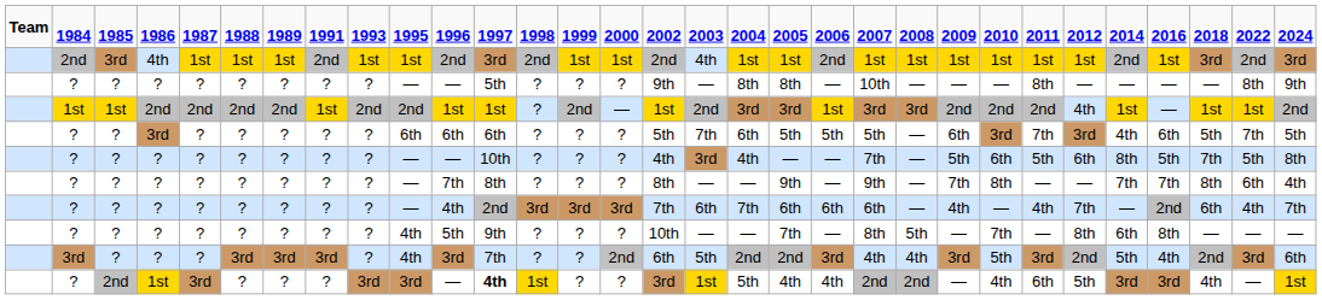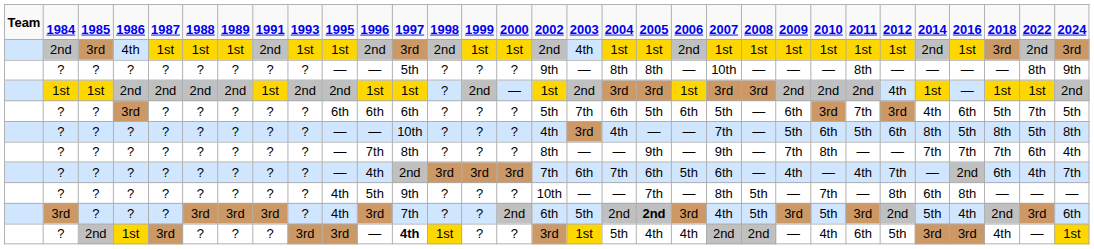 <table class="wikitable" style="text-align:center; font-size:90%">
 <tr>
 <td><strong>Team</strong></td>
 <td><br><strong><a href='#'>1984</a></strong></td>
 <td><br><strong><a href='#'>1985</a></strong></td>
 <td><br><strong><a href='#'>1986</a></strong></td>
 <td><br><strong><a href='#'>1987</a></strong></td>
 <td><br><strong><a href='#'>1988</a></strong></td>
 <td><br><strong><a href='#'>1989</a></strong></td>
 <td><br><strong><a href='#'>1991</a></strong></td>
 <td><br><strong><a href='#'>1993</a></strong></td>
 <td><br><strong><a href='#'>1995</a></strong></td>
 <td><br><strong><a href='#'>1996</a></strong></td>
 <td><br><strong><a href='#'>1997</a></strong></td>
 <td><br><strong><a href='#'>1998</a></strong></td>
 <td><br><strong><a href='#'>1999</a></strong></td>
 <td><br><strong><a href='#'>2000</a></strong></td>
 <td><br><strong><a href='#'>2002</a></strong></td>
 <td><br><strong><a href='#'>2003</a></strong></td>
 <td><br><strong><a href='#'>2004</a></strong></td>
 <td><br><strong><a href='#'>2005</a></strong></td>
 <td><br><strong><a href='#'>2006</a></strong></td>
 <td><br><strong><a href='#'>2007</a></strong></td>
 <td><br><strong><a href='#'>2008</a></strong></td>
 <td><br><strong><a href='#'>2009</a></strong></td>
 <td><br><strong><a href='#'>2010</a></strong></td>
 <td><br><strong><a href='#'>2011</a></strong></td>
 <td><br><strong><a href='#'>2012</a></strong></td>
 <td><br><strong><a href='#'>2014</a></strong></td>
 <td><br><strong><a href='#'>2016</a></strong></td>
 <td><br><strong><a href='#'>2018</a></strong></td>
 <td><br><strong><a href='#'>2022</a></strong></td>
 <td><br><strong><a href='#'>2024</a></strong></td>
 </tr>
 <tr bgcolor=#D0E6FF>
 <td align=left></td>
 <td bgcolor=silver>2nd</td>
 <td bgcolor=#cc9966>3rd</td>
 <td>4th</td>
 <td bgcolor=gold>1st</td>
 <td bgcolor=gold>1st</td>
 <td bgcolor=gold>1st</td>
 <td bgcolor=silver>2nd</td>
 <td bgcolor=gold>1st</td>
 <td bgcolor=gold>1st</td>
 <td bgcolor=silver>2nd</td>
 <td bgcolor=#cc9966>3rd</td>
 <td bgcolor=silver>2nd</td>
 <td bgcolor=gold>1st</td>
 <td bgcolor=gold>1st</td>
 <td bgcolor=silver>2nd</td>
 <td>4th</td>
 <td bgcolor=gold>1st</td>
 <td bgcolor=gold>1st</td>
 <td bgcolor=silver>2nd</td>
 <td bgcolor=gold>1st</td>
 <td bgcolor=gold>1st</td>
 <td bgcolor=gold>1st</td>
 <td bgcolor=gold>1st</td>
 <td bgcolor=gold>1st</td>
 <td bgcolor=gold>1st</td>
 <td bgcolor=silver>2nd</td>
 <td bgcolor=gold>1st</td>
 <td bgcolor=#cc9966>3rd</td>
 <td bgcolor=silver>2nd</td>
 <td bgcolor=#cc9966>3rd</td>
 </tr>
 <tr bgcolor=#FFFFFF>
 <td align=left></td>
 <td>?</td>
 <td>?</td>
 <td>?</td>
 <td>?</td>
 <td>?</td>
 <td>?</td>
 <td>?</td>
 <td>?</td>
 <td>—</td>
 <td>—</td>
 <td>5th</td>
 <td>?</td>
 <td>?</td>
 <td>?</td>
 <td>9th</td>
 <td>—</td>
 <td>8th</td>
 <td>8th</td>
 <td>—</td>
 <td>10th</td>
 <td>—</td>
 <td>—</td>
 <td>—</td>
 <td>8th</td>
 <td>—</td>
 <td>—</td>
 <td>—</td>
 <td>—</td>
 <td>8th</td>
 <td>9th</td>
 </tr>
 <tr bgcolor=#D0E6FF>
 <td align=left></td>
 <td bgcolor=gold>1st</td>
 <td bgcolor=gold>1st</td>
 <td bgcolor=silver>2nd</td>
 <td bgcolor=silver>2nd</td>
 <td bgcolor=silver>2nd</td>
 <td bgcolor=silver>2nd</td>
 <td bgcolor=gold>1st</td>
 <td bgcolor=silver>2nd</td>
 <td bgcolor=silver>2nd</td>
 <td bgcolor=gold>1st</td>
 <td bgcolor=gold>1st</td>
 <td>?</td>
 <td bgcolor=silver>2nd</td>
 <td>—</td>
 <td bgcolor=gold>1st</td>
 <td bgcolor=silver>2nd</td>
 <td bgcolor=#cc9966>3rd</td>
 <td bgcolor=#cc9966>3rd</td>
 <td bgcolor=gold>1st</td>
 <td bgcolor=#cc9966>3rd</td>
 <td bgcolor=#cc9966>3rd</td>
 <td bgcolor=silver>2nd</td>
 <td bgcolor=silver>2nd</td>
 <td bgcolor=silver>2nd</td>
 <td>4th</td>
 <td bgcolor=gold>1st</td>
 <td>—</td>
 <td bgcolor=gold>1st</td>
 <td bgcolor=gold>1st</td>
 <td bgcolor=silver>2nd</td>
 </tr>
 <tr bgcolor=#FFFFFF>
 <td align=left></td>
 <td>?</td>
 <td>?</td>
 <td bgcolor=#cc9966>3rd</td>
 <td>?</td>
 <td>?</td>
 <td>?</td>
 <td>?</td>
 <td>?</td>
 <td>6th</td>
 <td>6th</td>
 <td>6th</td>
 <td>?</td>
 <td>?</td>
 <td>?</td>
 <td>5th</td>
 <td>7th</td>
 <td>6th</td>
 <td>5th</td>
-<td>5th</td>
+<td>6th</td>
 <td>5th</td>
 <td>—</td>
 <td>6th</td>
 <td bgcolor=#cc9966>3rd</td>
 <td>7th</td>
 <td bgcolor=#cc9966>3rd</td>
 <td>4th</td>
 <td>6th</td>
 <td>5th</td>
 <td>7th</td>
 <td>5th</td>
 </tr>
 <tr bgcolor=#D0E6FF>
 <td align=left></td>
 <td>?</td>
 <td>?</td>
 <td>?</td>
 <td>?</td>
 <td>?</td>
 <td>?</td>
 <td>?</td>
 <td>?</td>
 <td>—</td>
 <td>—</td>
 <td>10th</td>
 <td>?</td>
 <td>?</td>
 <td>?</td>
 <td>4th</td>
 <td bgcolor=#cc9966>3rd</td>
 <td>4th</td>
 <td>—</td>
 <td>—</td>
 <td>7th</td>
 <td>—</td>
 <td>5th</td>
 <td>6th</td>
 <td>5th</td>
 <td>6th</td>
 <td>8th</td>
 <td>5th</td>
-<td>7th</td>
+<td>8th</td>
 <td>5th</td>
 <td>8th</td>
 </tr>
 <tr bgcolor=#FFFFFF>
 <td align=left></td>
 <td>?</td>
 <td>?</td>
 <td>?</td>
 <td>?</td>
 <td>?</td>
 <td>?</td>
 <td>?</td>
 <td>?</td>
 <td>—</td>
 <td>7th</td>
 <td>8th</td>
 <td>?</td>
 <td>?</td>
 <td>?</td>
 <td>8th</td>
 <td>—</td>
 <td>—</td>
 <td>9th</td>
 <td>—</td>
 <td>9th</td>
 <td>—</td>
 <td>7th</td>
 <td>8th</td>
 <td>—</td>
 <td>—</td>
 <td>7th</td>
 <td>7th</td>
-<td>8th</td>
+<td>7th</td>
 <td>6th</td>
 <td>4th</td>
 </tr>
 <tr bgcolor=#D0E6FF>
 <td align=left></td>
 <td>?</td>
 <td>?</td>
 <td>?</td>
 <td>?</td>
 <td>?</td>
 <td>?</td>
 <td>?</td>
 <td>?</td>
 <td>—</td>
 <td>4th</td>
 <td bgcolor=silver>2nd</td>
 <td bgcolor=#cc9966>3rd</td>
 <td bgcolor=#cc9966>3rd</td>
 <td bgcolor=#cc9966>3rd</td>
 <td>7th</td>
 <td>6th</td>
 <td>7th</td>
 <td>6th</td>
-<td>6th</td>
+<td>5th</td>
 <td>6th</td>
 <td>—</td>
 <td>4th</td>
 <td>—</td>
 <td>4th</td>
 <td>7th</td>
 <td>—</td>
 <td bgcolor=silver>2nd</td>
 <td>6th</td>
 <td>4th</td>
 <td>7th</td>
 </tr>
 <tr bgcolor=#FFFFFF>
 <td align=left></td>
 <td>?</td>
 <td>?</td>
 <td>?</td>
 <td>?</td>
 <td>?</td>
 <td>?</td>
 <td>?</td>
 <td>?</td>
 <td>4th</td>
 <td>5th</td>
 <td>9th</td>
 <td>?</td>
 <td>?</td>
 <td>?</td>
 <td>10th</td>
 <td>—</td>
 <td>—</td>
 <td>7th</td>
 <td>—</td>
 <td>8th</td>
 <td>5th</td>
 <td>—</td>
 <td>7th</td>
 <td>—</td>
 <td>8th</td>
 <td>6th</td>
 <td>8th</td>
 <td>—</td>
 <td>—</td>
 <td>—</td>
 </tr>
 <tr bgcolor=#D0E6FF>
 <td align=left></td>
 <td bgcolor=#cc9966>3rd</td>
 <td>?</td>
 <td>?</td>
 <td>?</td>
 <td bgcolor=#cc9966>3rd</td>
 <td bgcolor=#cc9966>3rd</td>
 <td bgcolor=#cc9966>3rd</td>
 <td>?</td>
 <td>4th</td>
 <td bgcolor=#cc9966>3rd</td>
 <td>7th</td>
 <td>?</td>
 <td>?</td>
 <td bgcolor=silver>2nd</td>
 <td>6th</td>
 <td>5th</td>
 <td bgcolor=silver>2nd</td>
-<td bgcolor=silver>2nd</td>
+<td bgcolor=silver><strong>2nd</strong></td>
 <td bgcolor=#cc9966>3rd</td>
 <td>4th</td>
-<td>4th</td>
+<td>5th</td>
 <td bgcolor=#cc9966>3rd</td>
 <td>5th</td>
 <td bgcolor=#cc9966>3rd</td>
 <td bgcolor=silver>2nd</td>
 <td>5th</td>
 <td>4th</td>
 <td bgcolor=silver>2nd</td>
 <td bgcolor=#cc9966>3rd</td>
 <td>6th</td>
 </tr>
 <tr bgcolor=#FFFFFF>
 <td align=left></td>
 <td>?</td>
 <td bgcolor=silver>2nd</td>
 <td bgcolor=gold>1st</td>
 <td bgcolor=#cc9966>3rd</td>
 <td>?</td>
 <td>?</td>
 <td>?</td>
 <td bgcolor=#cc9966>3rd</td>
 <td bgcolor=#cc9966>3rd</td>
 <td>—</td>
 <td><strong>4th</strong></td>
 <td bgcolor=gold>1st</td>
 <td>?</td>
 <td>?</td>
 <td bgcolor=#cc9966>3rd</td>
 <td bgcolor=gold>1st</td>
 <td>5th</td>
 <td>4th</td>
 <td>4th</td>
 <td bgcolor=silver>2nd</td>
 <td bgcolor=silver>2nd</td>
 <td>—</td>
 <td>4th</td>
 <td>6th</td>
 <td>5th</td>
 <td bgcolor=#cc9966>3rd</td>
 <td bgcolor=#cc9966>3rd</td>
 <td>4th</td>
 <td>—</td>
 <td bgcolor=gold>1st</td>
 </tr>
 </table>
